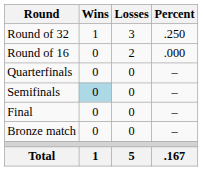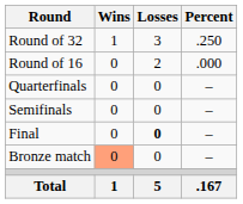 <table class=wikitable>
 <tr>
 <th>Round</th>
 <th>Wins</th>
 <th>Losses</th>
 <th>Percent</th>
 </tr>
 <tr align=center>
 <td align=left>Round of 32</td>
 <td>1</td>
 <td>3</td>
 <td>.250</td>
 </tr>
 <tr align=center>
 <td align=left>Round of 16</td>
 <td>0</td>
 <td>2</td>
 <td>.000</td>
 </tr>
 <tr align=center>
 <td align=left>Quarterfinals</td>
 <td>0</td>
 <td>0</td>
 <td>–</td>
 </tr>
 <tr align=center>
 <td align=left>Semifinals</td>
-<td style="background: lightblue;">0</td>
+<td>0</td>
 <td>0</td>
 <td>–</td>
 </tr>
 <tr align=center>
 <td align=left>Final</td>
 <td>0</td>
-<td>0</td>
+<td><strong>0</strong></td>
 <td>–</td>
 </tr>
 <tr align=center>
 <td align=left>Bronze match</td>
-<td>0</td>
+<td style="background: lightsalmon;">0</td>
 <td>0</td>
 <td>–</td>
 </tr>
 <tr>
 <td colspan=4 bgcolor=lightgray></td>
 </tr>
 <tr>
 <th>Total</th>
 <th>1</th>
 <th>5</th>
 <th>.167</th>
 </tr>
 </table>
